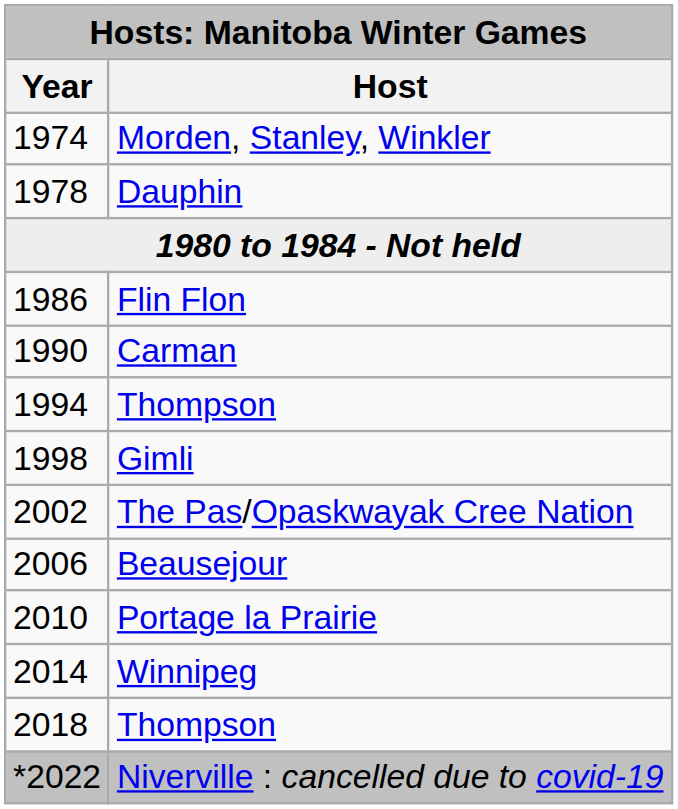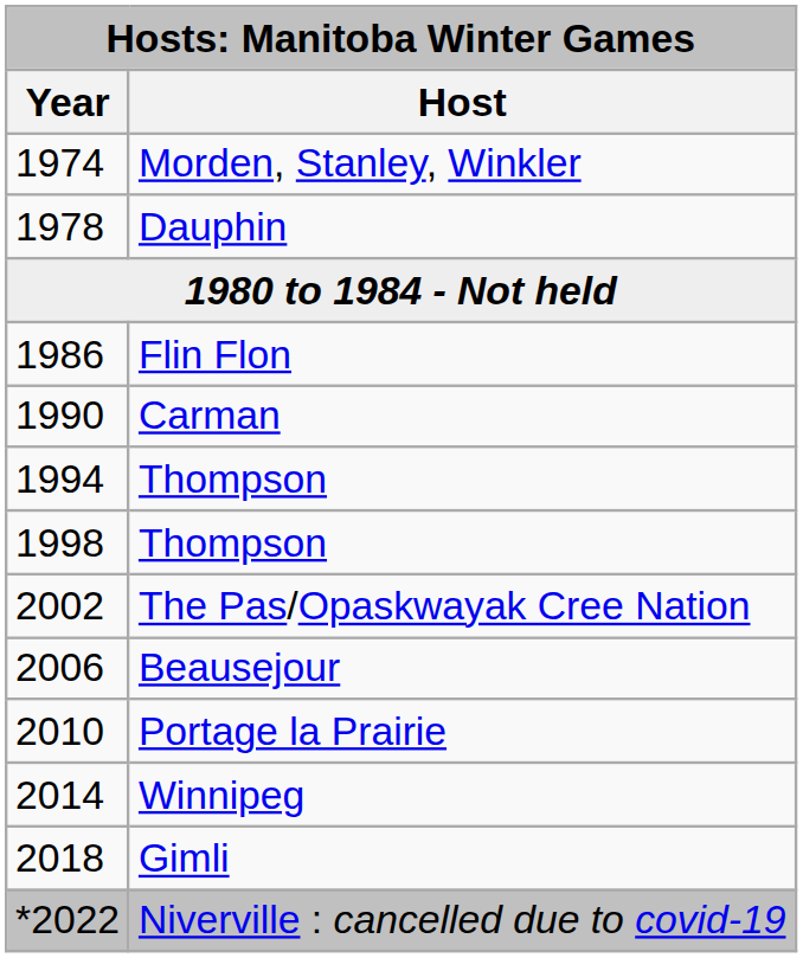 <table class=wikitable style="text-align:left; font-size:90%;">
 <tr>
 <th colspan=2 style="background:silver;">Hosts: Manitoba Winter Games</th>
 </tr>
 <tr>
 <th>Year</th>
 <th>Host</th>
 </tr>
 <tr>
 <td>1974</td>
 <td><a href='#'>Morden</a>, <a href='#'>Stanley</a>, <a href='#'>Winkler</a></td>
 </tr>
 <tr>
 <td>1978</td>
 <td><a href='#'>Dauphin</a></td>
 </tr>
 <tr>
 <th style=background:#eeeeee colspan=2><span><em>1980 to 1984 - Not held</em></span></th>
 </tr>
 <tr>
 <td>1986</td>
 <td><a href='#'>Flin Flon</a></td>
 </tr>
 <tr>
 <td>1990</td>
 <td><a href='#'>Carman</a></td>
 </tr>
 <tr>
 <td>1994</td>
 <td><a href='#'>Thompson</a></td>
 </tr>
 <tr>
 <td>1998</td>
-<td><a href='#'>Gimli</a></td>
+<td><a href='#'>Thompson</a></td>
 </tr>
 <tr>
 <td>2002</td>
 <td><a href='#'>The Pas</a>/<a href='#'>Opaskwayak Cree Nation</a></td>
 </tr>
 <tr>
 <td>2006</td>
 <td><a href='#'>Beausejour</a></td>
 </tr>
 <tr>
 <td>2010</td>
 <td><a href='#'>Portage la Prairie</a></td>
 </tr>
 <tr>
 <td>2014</td>
 <td><a href='#'>Winnipeg</a></td>
 </tr>
 <tr>
 <td>2018</td>
-<td><a href='#'>Thompson</a></td>
+<td><a href='#'>Gimli</a></td>
 </tr>
 <tr>
 <td style="background:silver">*2022</td>
 <td style="background:silver"><a href='#'>Niverville</a> : <em>cancelled due to <a href='#'>covid-19</a></em></td>
 </tr>
 </table>
